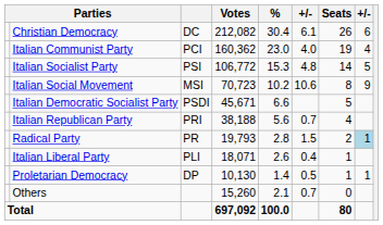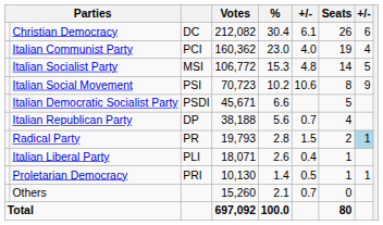 <table class="wikitable">
 <tr>
 <th colspan="2">Parties</th>
 <th></th>
 <th>Votes</th>
 <th>%</th>
 <th>+/-</th>
 <th>Seats</th>
 <th>+/-</th>
 <th rowspan="12"></th>
 </tr>
 <tr>
 <td style="background-color:"></td>
 <td><a href='#'>Christian Democracy</a></td>
 <td>DC</td>
 <td align=right>212,082</td>
 <td align=right>30.4</td>
 <td align=right> 6.1</td>
 <td align=right>26</td>
 <td align=right> 6</td>
 </tr>
 <tr>
 <td style="background-color:"></td>
 <td><a href='#'>Italian Communist Party</a></td>
 <td>PCI</td>
 <td align=right>160,362</td>
 <td align=right>23.0</td>
 <td align=right> 4.0</td>
 <td align=right>19</td>
 <td align=right> 4</td>
 </tr>
 <tr>
 <td style="background-color:"></td>
 <td><a href='#'>Italian Socialist Party</a></td>
-<td>PSI</td>
+<td>MSI</td>
 <td align=right>106,772</td>
 <td align=right>15.3</td>
 <td align=right> 4.8</td>
 <td align=right>14</td>
 <td align=right> 5</td>
 </tr>
 <tr>
 <td style="background-color:"></td>
 <td><a href='#'>Italian Social Movement</a></td>
-<td>MSI</td>
+<td>PSI</td>
 <td align=right>70,723</td>
 <td align=right>10.2</td>
 <td align=right> 10.6</td>
 <td align=right>8</td>
 <td align=right> 9</td>
 </tr>
 <tr>
 <td style="background-color:"></td>
 <td><a href='#'>Italian Democratic Socialist Party</a></td>
 <td>PSDI</td>
 <td align=right>45,671</td>
 <td align=right>6.6</td>
 <td align=right></td>
 <td align=right>5</td>
 <td align=right></td>
 </tr>
 <tr>
 <td style="background-color:"></td>
 <td><a href='#'>Italian Republican Party</a></td>
-<td>PRI</td>
+<td>DP</td>
 <td align=right>38,188</td>
 <td align=right>5.6</td>
 <td align=right> 0.7</td>
 <td align=right>4</td>
 <td align=right></td>
 </tr>
 <tr>
 <td style="background-color:"></td>
 <td><a href='#'>Radical Party</a></td>
 <td>PR</td>
 <td align=right>19,793</td>
 <td align=right>2.8</td>
 <td align=right> 1.5</td>
 <td align=right>2</td>
 <td align=right style="background: lightblue;"> 1</td>
 </tr>
 <tr>
 <td style="background-color:"></td>
 <td><a href='#'>Italian Liberal Party</a></td>
 <td>PLI</td>
 <td align=right>18,071</td>
 <td align=right>2.6</td>
 <td align=right> 0.4</td>
 <td align=right>1</td>
 <td align=right></td>
 </tr>
 <tr>
 <td style="background-color:"></td>
 <td><a href='#'>Proletarian Democracy</a></td>
-<td>DP</td>
+<td>PRI</td>
 <td align=right>10,130</td>
 <td align=right>1.4</td>
 <td align=right> 0.5</td>
 <td align=right>1</td>
 <td align=right> 1</td>
 </tr>
 <tr>
 <td style="background-color:"></td>
 <td>Others</td>
 <td></td>
 <td align=right>15,260</td>
 <td align=right>2.1</td>
 <td align=right> 0.7</td>
 <td align=right>0</td>
 <td align=right></td>
 </tr>
 <tr>
 <td colspan="2"><strong>Total</strong></td>
 <td></td>
 <td align=right><strong>697,092</strong></td>
 <td align=right><strong>100.0</strong></td>
 <td align=right></td>
 <td align=right><strong>80</strong></td>
 <td align=right></td>
 </tr>
 </table>
